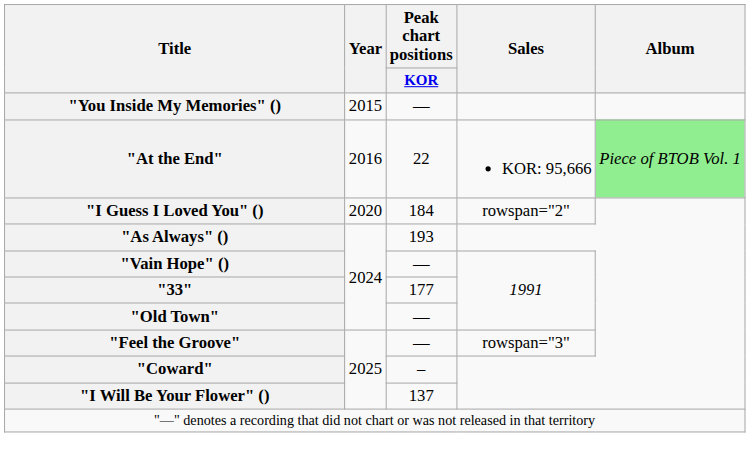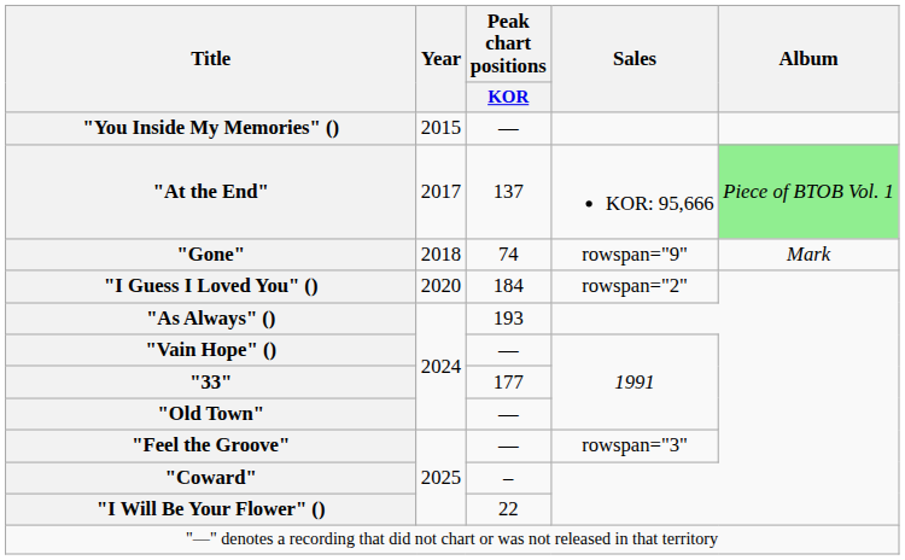 <table class="wikitable plainrowheaders" style="text-align:center" border="1">
 <tr>
 <th scope="col" rowspan="2" style="width:20em">Title</th>
 <th scope="col" rowspan="2">Year</th>
 <th scope="col" colspan="1">Peak chart positions</th>
 <th scope="col" rowspan="2">Sales</th>
 <th scope="col" rowspan="2">Album</th>
 </tr>
 <tr>
 <th scope="col" style="width:3em;font-size:90%"><a href='#'>KOR</a><br></th>
 </tr>
 <tr>
 <th scope="row">"You Inside My Memories" ()</th>
 <td>2015</td>
 <td>—</td>
 <td></td>
 <td></td>
 </tr>
 <tr>
 <th scope="row">"At the End"</th>
-<td>2016</td>
-<td>22</td>
+<td>2017</td>
+<td>137</td>
 <td><br><ul><li>KOR: 95,666</li></ul></td>
 <td style="background: lightgreen;"><em>Piece of BTOB Vol. 1</em></td>
+</tr>
+<tr>
+<th scope="row">"Gone"</th>
+<td>2018</td>
+<td>74</td>
+<td>rowspan="9" </td>
+<td><em>Mark</em></td>
 </tr>
 <tr>
 <th scope="row">"I Guess I Loved You" ()</th>
 <td>2020</td>
 <td>184</td>
 <td>rowspan="2" </td>
 </tr>
 <tr>
 <th scope="row">"As Always" ()</th>
 <td rowspan="4">2024</td>
 <td>193</td>
 </tr>
 <tr>
 <th scope="row">"Vain Hope" ()</th>
 <td>—</td>
 <td rowspan="3"><em>1991</em></td>
 </tr>
 <tr>
 <th scope="row">"33"</th>
 <td>177</td>
 </tr>
 <tr>
 <th scope="row">"Old Town"</th>
 <td>—</td>
 </tr>
 <tr>
 <th scope="row">"Feel the Groove"</th>
 <td rowspan="3">2025</td>
 <td>—</td>
 <td>rowspan="3" </td>
 </tr>
 <tr>
 <th scope="row">"Coward" </th>
 <td>–</td>
 </tr>
 <tr>
 <th scope="row">"I Will Be Your Flower" ()</th>
-<td>137</td>
+<td>22</td>
 </tr>
 <tr>
 <td colspan="5" style="font-size:85%">"—" denotes a recording that did not chart or was not released in that territory</td>
 </tr>
 </table>
